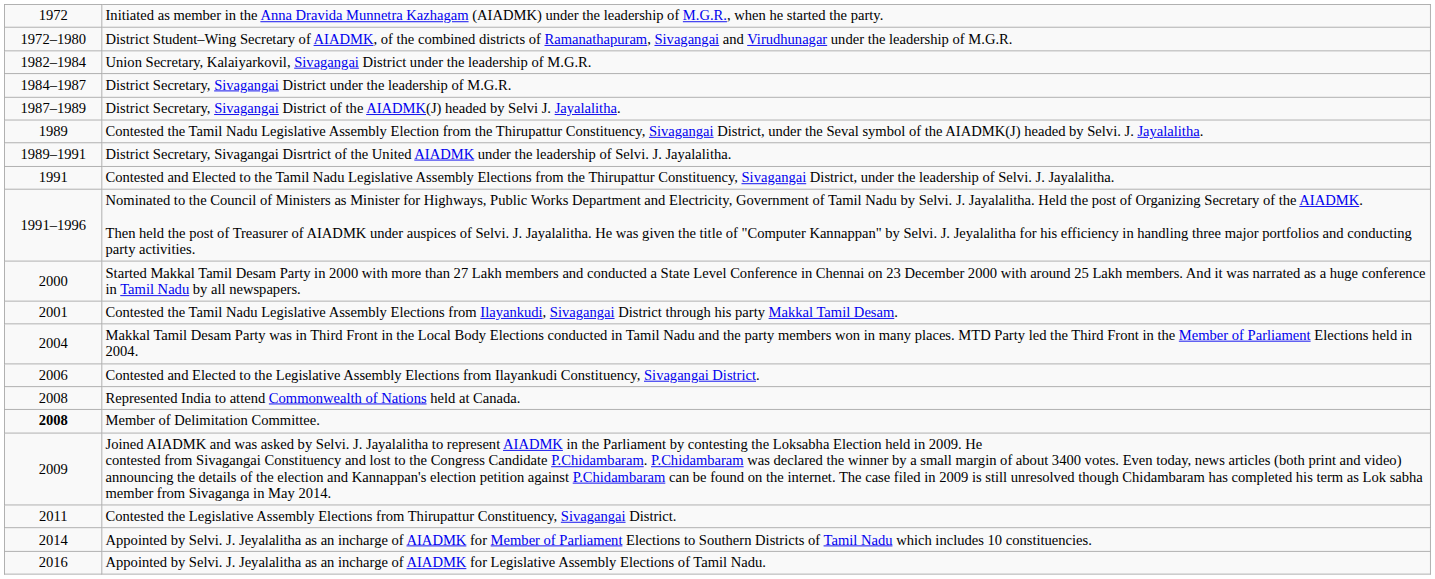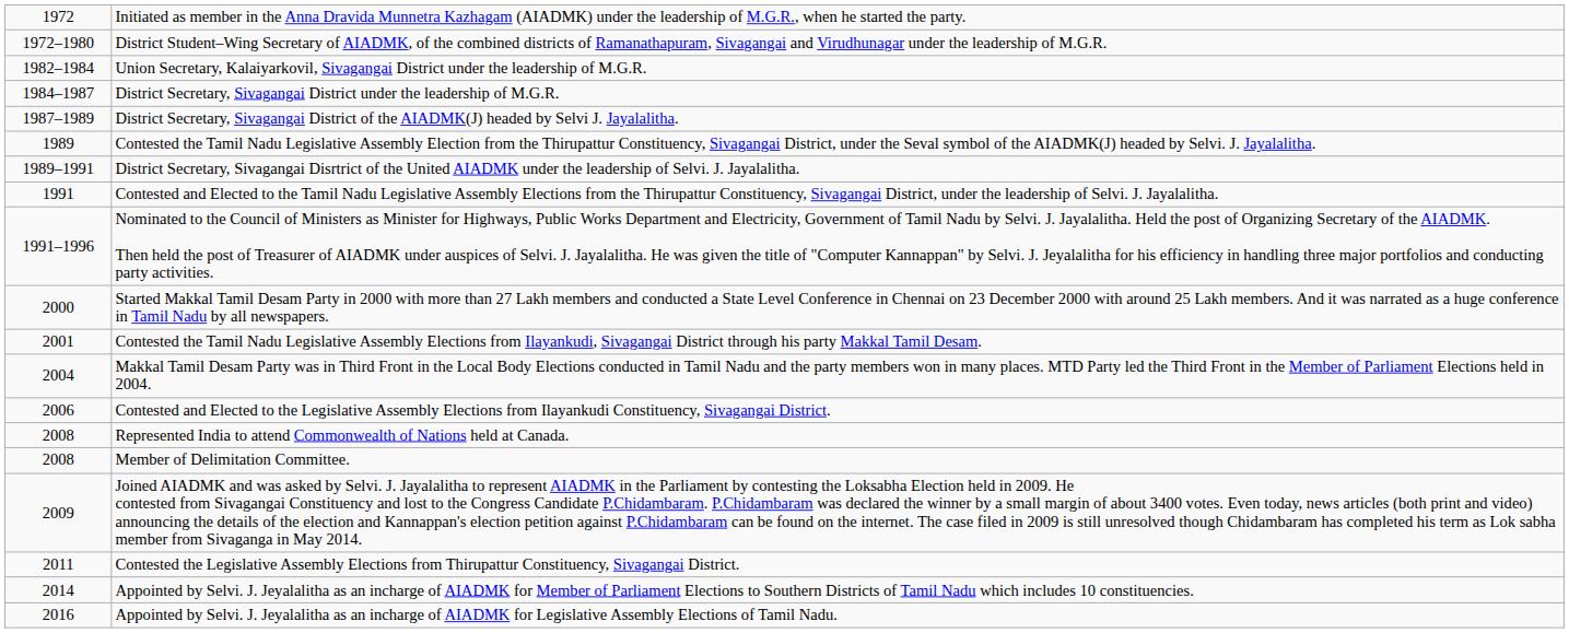 <table class="wikitable">
 <tr>
 <td style="width:100px; text-align:center;">1972</td>
 <td>Initiated as member in the <a href='#'>Anna Dravida Munnetra Kazhagam</a> (AIADMK) under the leadership of <a href='#'>M.G.R.</a>, when he started the party.</td>
 </tr>
 <tr>
 <td style="width:100px; text-align:center;">1972–1980</td>
 <td>District Student–Wing Secretary of <a href='#'>AIADMK</a>, of the combined districts of <a href='#'>Ramanathapuram</a>, <a href='#'>Sivagangai</a> and <a href='#'>Virudhunagar</a> under the leadership of M.G.R.</td>
 </tr>
 <tr>
 <td style="width:100px; text-align:center;">1982–1984</td>
 <td>Union Secretary, Kalaiyarkovil, <a href='#'>Sivagangai</a> District under the leadership of M.G.R.</td>
 </tr>
 <tr>
 <td style="width:100px; text-align:center;">1984–1987</td>
 <td>District Secretary, <a href='#'>Sivagangai</a> District under the leadership of M.G.R.</td>
 </tr>
 <tr>
 <td style="width:100px; text-align:center;">1987–1989</td>
 <td>District Secretary, <a href='#'>Sivagangai</a> District of the <a href='#'>AIADMK</a>(J) headed by Selvi J. <a href='#'>Jayalalitha</a>.</td>
 </tr>
 <tr>
 <td style="width:100px; text-align:center;">1989</td>
 <td>Contested the Tamil Nadu Legislative Assembly Election from the Thirupattur Constituency, <a href='#'>Sivagangai</a> District, under the Seval symbol of the AIADMK(J) headed by Selvi. J. <a href='#'>Jayalalitha</a>.</td>
 </tr>
 <tr>
 <td style="width:100px; text-align:center;">1989–1991</td>
 <td>District Secretary, Sivagangai Disrtrict of the United <a href='#'>AIADMK</a> under the leadership of Selvi. J. Jayalalitha.</td>
 </tr>
 <tr>
 <td style="width:100px; text-align:center;">1991</td>
 <td>Contested and Elected to the Tamil Nadu Legislative Assembly Elections from the Thirupattur Constituency, <a href='#'>Sivagangai</a> District, under the leadership of Selvi. J. Jayalalitha.</td>
 </tr>
 <tr>
 <td style="width:100px; text-align:center;">1991–1996</td>
 <td>Nominated to the Council of Ministers as Minister for Highways, Public Works Department and Electricity, Government of Tamil Nadu by Selvi. J. Jayalalitha. Held the post of Organizing Secretary of the <a href='#'>AIADMK</a>.<br><br>Then held the post of Treasurer of AIADMK under auspices of Selvi. J. Jayalalitha. He was given the title of "Computer Kannappan" by Selvi. J. Jeyalalitha for his efficiency in handling three major portfolios and conducting party activities.</td>
 </tr>
 <tr>
 <td style="width:100px; text-align:center;">2000</td>
 <td>Started Makkal Tamil Desam Party in 2000 with more than 27 Lakh members and conducted a State Level Conference in Chennai on 23 December 2000 with around 25 Lakh members. And it was narrated as a huge conference in <a href='#'>Tamil Nadu</a> by all newspapers.</td>
 </tr>
 <tr>
 <td style="width:100px; text-align:center;">2001</td>
 <td>Contested the Tamil Nadu Legislative Assembly Elections from <a href='#'>Ilayankudi</a>, <a href='#'>Sivagangai</a> District through his party <a href='#'>Makkal Tamil Desam</a>.</td>
 </tr>
 <tr>
 <td style="width:100px; text-align:center;">2004</td>
 <td>Makkal Tamil Desam Party was in Third Front in the Local Body Elections conducted in Tamil Nadu and the party members won in many places. MTD Party led the Third Front in the <a href='#'>Member of Parliament</a> Elections held in 2004.</td>
 </tr>
 <tr>
 <td style="width:100px; text-align:center;">2006</td>
 <td>Contested and Elected to the Legislative Assembly Elections from Ilayankudi Constituency, <a href='#'>Sivagangai District</a>.</td>
 </tr>
 <tr>
 <td style="width:100px; text-align:center;">2008</td>
 <td>Represented India to attend <a href='#'>Commonwealth of Nations</a> held at Canada.</td>
 </tr>
 <tr>
-<td style="width:100px; text-align:center;"><strong>2008</strong></td>
+<td style="width:100px; text-align:center;">2008</td>
 <td>Member of Delimitation Committee.</td>
 </tr>
 <tr>
 <td style="width:100px; text-align:center;">2009</td>
 <td>Joined AIADMK and was asked by Selvi. J. Jayalalitha to represent <a href='#'>AIADMK</a> in the Parliament by contesting the Loksabha Election held in 2009. He<br>contested from Sivagangai Constituency and lost to the Congress Candidate <a href='#'>P.Chidambaram</a>. <a href='#'>P.Chidambaram</a>  was declared the winner by a small margin of about 3400 votes. Even today, news articles (both print and video) announcing  the details of the election and Kannappan's election petition against <a href='#'>P.Chidambaram</a>  can be found on the internet. The case filed in 2009  is still unresolved though Chidambaram has completed his term as Lok sabha member from Sivaganga in May 2014.</td>
 </tr>
 <tr>
 <td style="width:100px; text-align:center;">2011</td>
 <td>Contested the Legislative Assembly Elections from Thirupattur Constituency, <a href='#'>Sivagangai</a> District.</td>
 </tr>
 <tr>
 <td style="width:100px; text-align:center;">2014</td>
 <td>Appointed by Selvi. J. Jeyalalitha as an incharge of <a href='#'>AIADMK</a> for <a href='#'>Member of Parliament</a> Elections to Southern Districts of <a href='#'>Tamil Nadu</a> which includes 10 constituencies.</td>
 </tr>
 <tr>
 <td style="width:100px; text-align:center;">2016</td>
 <td>Appointed by Selvi. J. Jeyalalitha as an incharge of <a href='#'>AIADMK</a> for Legislative Assembly Elections of Tamil Nadu.</td>
 </tr>
 </table>
